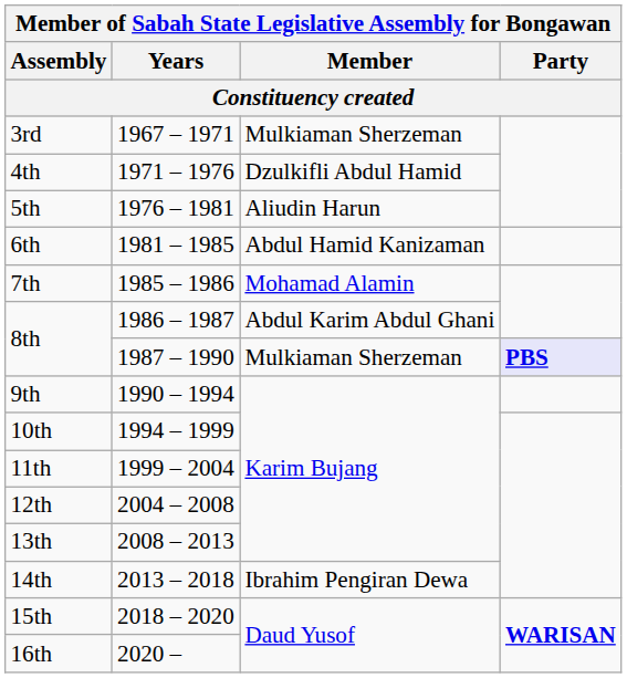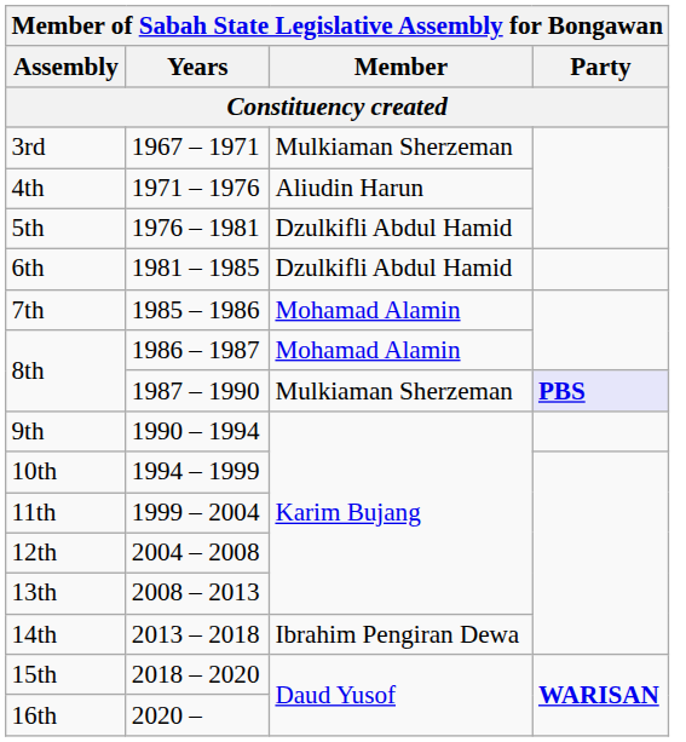 <table class="wikitable">
 <tr>
 <th colspan="4">Member of <a href='#'>Sabah State Legislative Assembly</a> for Bongawan</th>
 </tr>
 <tr>
 <th>Assembly</th>
 <th>Years</th>
 <th>Member</th>
 <th>Party</th>
 </tr>
 <tr>
 <th colspan="4" align="center"><em>Constituency created</em></th>
 </tr>
 <tr>
 <td>3rd</td>
 <td>1967 – 1971</td>
 <td>Mulkiaman Sherzeman</td>
 <td rowspan="3"></td>
 </tr>
 <tr>
 <td>4th</td>
 <td>1971 – 1976</td>
-<td>Dzulkifli Abdul Hamid</td>
+<td>Aliudin Harun</td>
 </tr>
 <tr>
 <td>5th</td>
 <td>1976 – 1981</td>
-<td>Aliudin Harun</td>
+<td>Dzulkifli Abdul Hamid</td>
 </tr>
 <tr>
 <td>6th</td>
 <td>1981 – 1985</td>
-<td>Abdul Hamid Kanizaman</td>
+<td>Dzulkifli Abdul Hamid</td>
 <td></td>
 </tr>
 <tr>
 <td>7th</td>
 <td>1985 – 1986</td>
 <td><a href='#'>Mohamad Alamin</a></td>
 <td rowspan="2"></td>
 </tr>
 <tr>
 <td rowspan="2">8th</td>
 <td>1986 – 1987</td>
-<td>Abdul Karim Abdul Ghani</td>
+<td><a href='#'>Mohamad Alamin</a></td>
 </tr>
 <tr>
 <td>1987 – 1990</td>
 <td>Mulkiaman Sherzeman</td>
 <td style="background: lavender;"><strong><a href='#'>PBS</a></strong></td>
 </tr>
 <tr>
 <td>9th</td>
 <td>1990 – 1994</td>
 <td rowspan="5"><a href='#'>Karim Bujang</a></td>
 <td></td>
 </tr>
 <tr>
 <td>10th</td>
 <td>1994 – 1999</td>
 <td rowspan="5"></td>
 </tr>
 <tr>
 <td>11th</td>
 <td>1999 – 2004</td>
 </tr>
 <tr>
 <td>12th</td>
 <td>2004 – 2008</td>
 </tr>
 <tr>
 <td>13th</td>
 <td>2008 – 2013</td>
 </tr>
 <tr>
 <td>14th</td>
 <td>2013 – 2018</td>
 <td>Ibrahim Pengiran Dewa</td>
 </tr>
 <tr>
 <td>15th</td>
 <td>2018 – 2020</td>
 <td rowspan="2"><a href='#'>Daud Yusof</a></td>
 <td rowspan="2"><strong><a href='#'>WARISAN</a></strong></td>
 </tr>
 <tr>
 <td>16th</td>
 <td>2020 –</td>
 </tr>
 </table>
